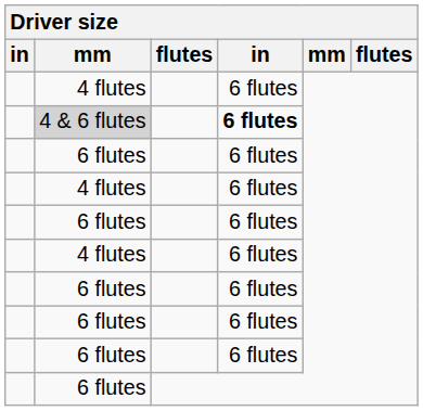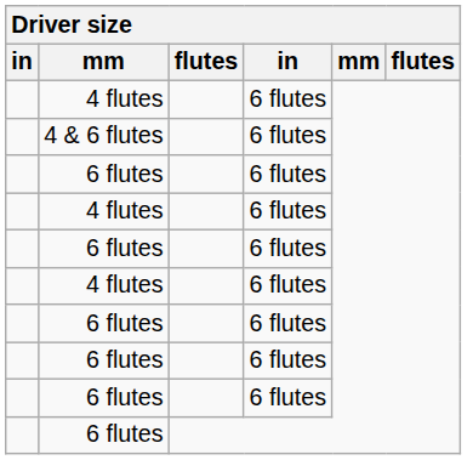 <table class="wikitable floatright" style="text-align:right; font-size: 86%">
 <tr>
 <th colspan=6 style="text-align:left">Driver size</th>
 </tr>
 <tr style="text-align:left">
 <th>in</th>
 <th>mm</th>
 <th>flutes</th>
 <th>in</th>
 <th>mm</th>
 <th>flutes</th>
 </tr>
 <tr>
 <td></td>
 <td>4 flutes</td>
 <td></td>
 <td>6 flutes</td>
 </tr>
 <tr>
 <td></td>
-<td style="background: lightgrey;">4 & 6 flutes</td>
+<td>4 & 6 flutes</td>
 <td></td>
-<td><strong>6 flutes</strong></td>
+<td>6 flutes</td>
 </tr>
 <tr>
 <td></td>
 <td>6 flutes</td>
 <td></td>
 <td>6 flutes</td>
 </tr>
 <tr>
 <td></td>
 <td>4 flutes</td>
 <td></td>
 <td>6 flutes</td>
 </tr>
 <tr>
 <td></td>
 <td>6 flutes</td>
 <td></td>
 <td>6 flutes</td>
 </tr>
 <tr>
 <td></td>
 <td>4 flutes</td>
 <td></td>
 <td>6 flutes</td>
 </tr>
 <tr>
 <td></td>
 <td>6 flutes</td>
 <td></td>
 <td>6 flutes</td>
 </tr>
 <tr>
 <td></td>
 <td>6 flutes</td>
 <td></td>
 <td>6 flutes</td>
 </tr>
 <tr>
 <td></td>
 <td>6 flutes</td>
 <td></td>
 <td>6 flutes</td>
 </tr>
 <tr>
 <td></td>
 <td>6 flutes</td>
 </tr>
 </table>
